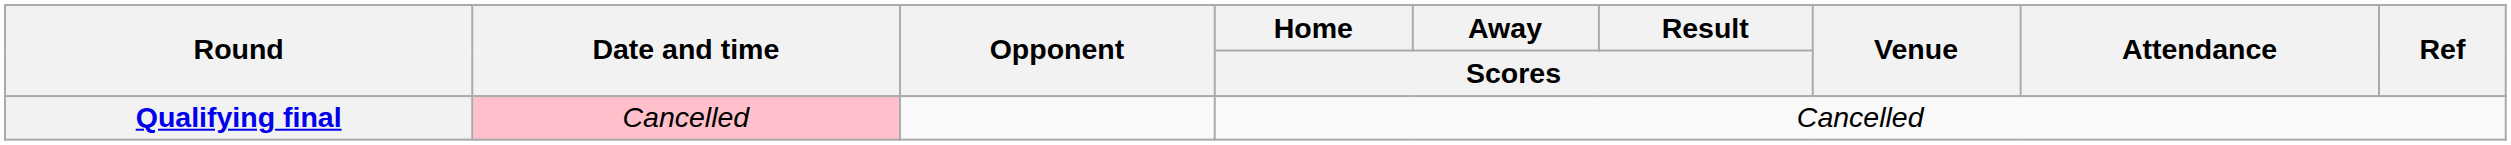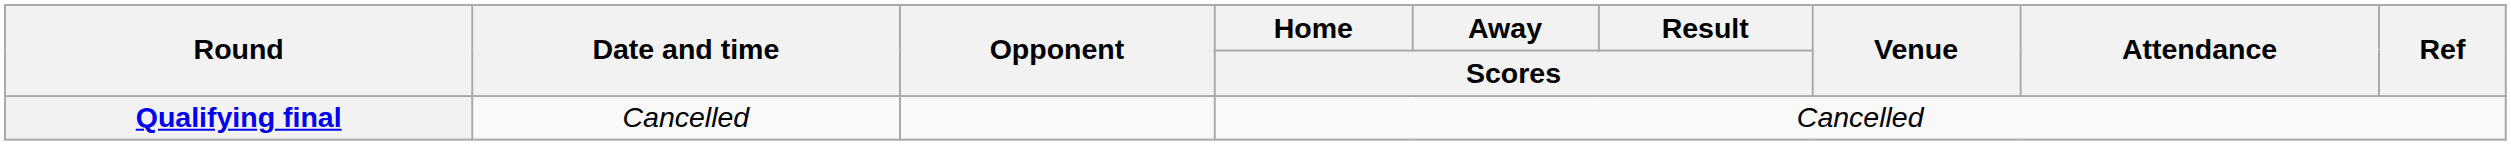 <table class="wikitable plainrowheaders" style="font-size:90%; width:100%; text-align:center;">
 <tr>
 <th scope="col" rowspan="2">Round</th>
 <th scope="col" rowspan="2">Date and time</th>
 <th scope="col" rowspan="2">Opponent</th>
 <th scope="col">Home</th>
 <th scope="col">Away</th>
 <th scope="col">Result</th>
 <th scope="col" rowspan="2">Venue</th>
 <th scope="col" rowspan="2">Attendance</th>
 <th scope="col" rowspan="2">Ref</th>
 </tr>
 <tr>
 <th scope="col" colspan="3">Scores</th>
 </tr>
 <tr>
 <th scope="row" style="text-align: center;"><a href='#'>Qualifying final</a></th>
-<td ! colspan=1 style="background: pink;"><span><em>Cancelled</em></span></td>
+<td ! colspan=1><span><em>Cancelled</em></span></td>
 <td align=left></td>
 <td ! colspan=6><span><em>Cancelled</em></span></td>
 </tr>
 </table>
